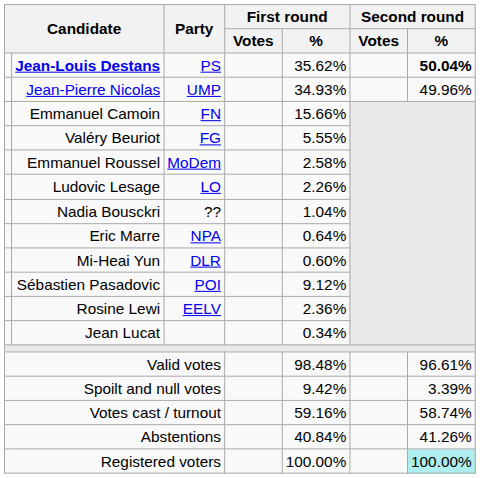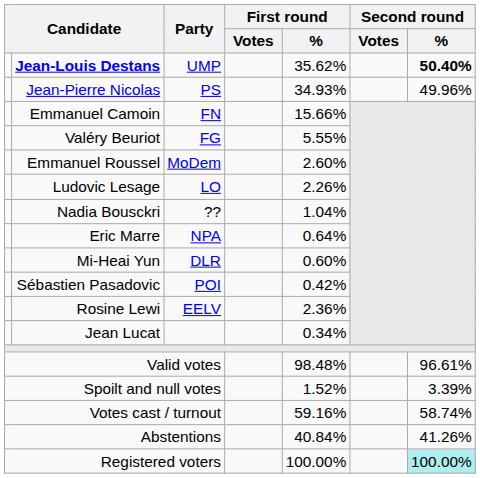 <table class="wikitable" style="text-align:right;font-size:95%;">
 <tr>
 <th rowspan=2 colspan=2>Candidate</th>
 <th rowspan=2 colspan=1>Party</th>
 <th colspan=2>First round</th>
 <th colspan=2>Second round</th>
 </tr>
 <tr>
 <th style="width:50px;">Votes</th>
 <th style="width:55px;">%</th>
 <th style="width:50px;">Votes</th>
 <th style="width:55px;">%</th>
 </tr>
 <tr>
 <td style="color:inherit;background-color:"></td>
 <td><strong><a href='#'>Jean-Louis Destans</a></strong></td>
-<td><a href='#'>PS</a></td>
+<td><a href='#'>UMP</a></td>
 <td></td>
 <td>35.62%</td>
 <td><strong></strong></td>
-<td><strong>50.04%</strong></td>
+<td><strong>50.40%</strong></td>
 </tr>
 <tr>
 <td style="color:inherit;background-color:"></td>
 <td><a href='#'>Jean-Pierre Nicolas</a></td>
-<td><a href='#'>UMP</a></td>
+<td><a href='#'>PS</a></td>
 <td></td>
 <td>34.93%</td>
 <td></td>
 <td>49.96%</td>
 </tr>
 <tr>
 <td style="color:inherit;background-color:"></td>
 <td>Emmanuel Camoin</td>
 <td><a href='#'>FN</a></td>
 <td></td>
 <td>15.66%</td>
 <td colspan=7 rowspan=10 style="background-color:#E9E9E9;"></td>
 </tr>
 <tr>
 <td style="color:inherit;background-color:"></td>
 <td>Valéry Beuriot</td>
 <td><a href='#'>FG</a></td>
 <td></td>
 <td>5.55%</td>
 </tr>
 <tr>
 <td style="color:inherit;background-color:"></td>
 <td>Emmanuel Roussel</td>
 <td><a href='#'>MoDem</a></td>
 <td></td>
-<td>2.58%</td>
+<td>2.60%</td>
 </tr>
 <tr>
 <td style="color:inherit;background-color:"></td>
 <td>Ludovic Lesage</td>
 <td><a href='#'>LO</a></td>
 <td></td>
 <td>2.26%</td>
 </tr>
 <tr>
 <td style="background-color:;"></td>
 <td>Nadia Bousckri</td>
 <td>??</td>
 <td></td>
 <td>1.04%</td>
 </tr>
 <tr>
 <td style="color:inherit;background-color:"></td>
 <td>Eric Marre</td>
 <td><a href='#'>NPA</a></td>
 <td></td>
 <td>0.64%</td>
 </tr>
 <tr>
 <td style="color:inherit;background-color:"></td>
 <td>Mi-Heai Yun</td>
 <td><a href='#'>DLR</a></td>
 <td></td>
 <td>0.60%</td>
 </tr>
 <tr>
 <td style="color:inherit;background-color:"></td>
 <td>Sébastien Pasadovic</td>
 <td><a href='#'>POI</a></td>
 <td></td>
-<td>9.12%</td>
+<td>0.42%</td>
 </tr>
 <tr>
 <td style="color:inherit;background-color:"></td>
 <td>Rosine Lewi</td>
 <td><a href='#'>EELV</a></td>
 <td></td>
 <td>2.36%</td>
 </tr>
 <tr>
 <td style="background-color:;"></td>
 <td>Jean Lucat</td>
 <td></td>
 <td></td>
 <td>0.34%</td>
 </tr>
 <tr>
 <td colspan=7 style="background-color:#E9E9E9;"></td>
 </tr>
 <tr>
 <td colspan=3>Valid votes</td>
 <td></td>
 <td>98.48%</td>
 <td></td>
 <td>96.61%</td>
 </tr>
 <tr>
 <td colspan=3>Spoilt and null votes</td>
 <td></td>
-<td>9.42%</td>
+<td>1.52%</td>
 <td></td>
 <td>3.39%</td>
 </tr>
 <tr>
 <td colspan=3>Votes cast / turnout</td>
 <td></td>
 <td>59.16%</td>
 <td></td>
 <td>58.74%</td>
 </tr>
 <tr>
 <td colspan=3>Abstentions</td>
 <td></td>
 <td>40.84%</td>
 <td></td>
 <td>41.26%</td>
 </tr>
 <tr>
 <td colspan=3>Registered voters</td>
 <td></td>
 <td>100.00%</td>
 <td></td>
 <td style="background: paleturquoise;">100.00%</td>
 </tr>
 </table>
